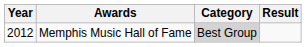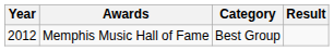 <table class="wikitable">
 <tr>
 <th>Year</th>
 <th>Awards</th>
 <th>Category</th>
 <th>Result</th>
 </tr>
 <tr>
 <td rowspan="4">2012</td>
 <td>Memphis Music Hall of Fame</td>
-<td style="background: lightgrey;">Best Group</td>
+<td>Best Group</td>
 <td></td>
 </tr>
 </table>
